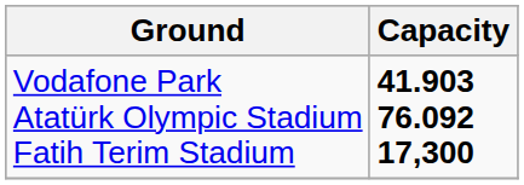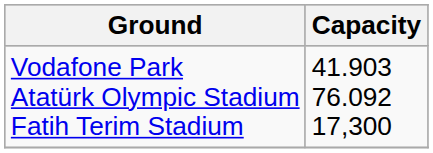 <table class="wikitable">
 <tr>
 <th>Ground</th>
 <th>Capacity</th>
 </tr>
 <tr>
 <td><a href='#'>Vodafone Park</a><br> <a href='#'>Atatürk Olympic Stadium</a><br> <a href='#'>Fatih Terim Stadium</a></td>
-<td><strong>41.903<br> 76.092<br> 17,300</strong></td>
+<td>41.903<br> 76.092<br> 17,300</td>
 </tr>
 <tr>
 </tr>
 </table>
